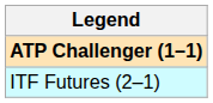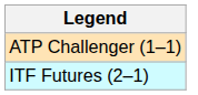 <table class=wikitable>
 <tr>
 <th>Legend</th>
 </tr>
 <tr style="background:moccasin;">
-<td><strong>ATP Challenger (1–1)</strong></td>
+<td>ATP Challenger (1–1)</td>
 </tr>
 <tr style="background:#cffcff;">
 <td>ITF Futures (2–1)</td>
 </tr>
 </table>
